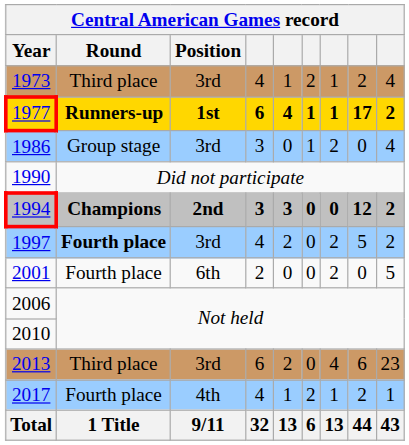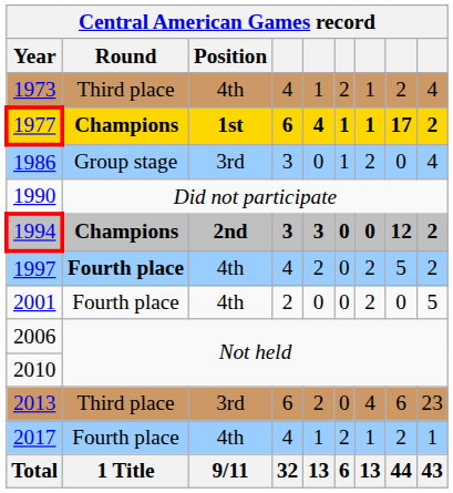 <table class="wikitable" style="text-align: center;">
 <tr>
 <th colspan=9><a href='#'>Central American Games</a> record</th>
 </tr>
 <tr>
 <th>Year</th>
 <th>Round</th>
 <th>Position</th>
 <th></th>
 <th></th>
 <th></th>
 <th></th>
 <th></th>
 <th></th>
 </tr>
 <tr style="background:#c96;">
 <td> <a href='#'>1973</a></td>
 <td>Third place</td>
-<td>3rd</td>
+<td>4th</td>
 <td>4</td>
 <td>1</td>
 <td>2</td>
 <td>1</td>
 <td>2</td>
 <td>4</td>
 </tr>
 <tr style="background:gold;">
 <td style="border:3px solid red"> <a href='#'>1977</a></td>
-<td><strong>Runners-up</strong></td>
+<td><strong>Champions</strong></td>
 <td><strong>1st</strong></td>
 <td><strong>6</strong></td>
 <td><strong>4</strong></td>
 <td><strong>1</strong></td>
 <td><strong>1</strong></td>
 <td><strong>17</strong></td>
 <td><strong>2</strong></td>
 </tr>
 <tr style="background:#9acdff;">
 <td> <a href='#'>1986</a></td>
 <td>Group stage</td>
 <td>3rd</td>
 <td>3</td>
 <td>0</td>
 <td>1</td>
 <td>2</td>
 <td>0</td>
 <td>4</td>
 </tr>
 <tr>
 <td> <a href='#'>1990</a></td>
 <td colspan=8><em>Did not participate</em></td>
 </tr>
 <tr style="background:silver;">
 <td style="border:3px solid red"> <a href='#'>1994</a></td>
 <td><strong>Champions</strong></td>
 <td><strong>2nd</strong></td>
 <td><strong>3</strong></td>
 <td><strong>3</strong></td>
 <td><strong>0</strong></td>
 <td><strong>0</strong></td>
 <td><strong>12</strong></td>
 <td><strong>2</strong></td>
 </tr>
 <tr style="background:#9acdff;">
 <td> <a href='#'>1997</a></td>
 <td><strong>Fourth place</strong></td>
-<td>3rd</td>
+<td>4th</td>
 <td>4</td>
 <td>2</td>
 <td>0</td>
 <td>2</td>
 <td>5</td>
 <td>2</td>
 </tr>
 <tr>
 <td> <a href='#'>2001</a></td>
 <td>Fourth place</td>
-<td>6th</td>
+<td>4th</td>
 <td>2</td>
 <td>0</td>
 <td>0</td>
 <td>2</td>
 <td>0</td>
 <td>5</td>
 </tr>
 <tr>
 <td> 2006</td>
 <td colspan=8 rowspan=2><em>Not held</em></td>
 </tr>
 <tr>
 <td> 2010</td>
 </tr>
 <tr style="background:#c96;">
 <td> <a href='#'>2013</a></td>
 <td>Third place</td>
 <td>3rd</td>
 <td>6</td>
 <td>2</td>
 <td>0</td>
 <td>4</td>
 <td>6</td>
 <td>23</td>
 </tr>
 <tr style="background:#9acdff">
 <td> <a href='#'>2017</a></td>
 <td>Fourth place</td>
 <td>4th</td>
 <td>4</td>
 <td>1</td>
 <td>2</td>
 <td>1</td>
 <td>2</td>
 <td>1</td>
 </tr>
 <tr>
 <th>Total</th>
 <th>1 Title</th>
 <th>9/11</th>
 <th>32</th>
 <th>13</th>
 <th>6</th>
 <th>13</th>
 <th>44</th>
 <th>43</th>
 </tr>
 </table>
